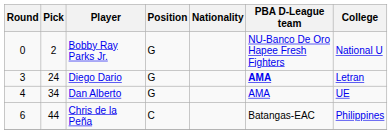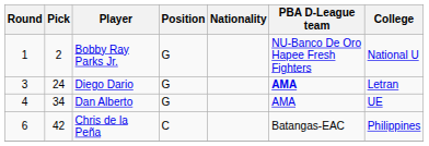 <table class="wikitable sortable sortable">
 <tr>
 <th>Round</th>
 <th>Pick</th>
 <th>Player</th>
 <th>Position</th>
 <th>Nationality</th>
 <th>PBA D-League team</th>
 <th>College</th>
 </tr>
 <tr>
-<td align=center>0</td>
+<td align=center>1</td>
 <td align=center>2</td>
 <td><a href='#'>Bobby Ray Parks Jr.</a></td>
 <td>G</td>
 <td></td>
 <td><a href='#'>NU-Banco De Oro</a><br><a href='#'>Hapee Fresh Fighters</a></td>
 <td><a href='#'>National U</a></td>
 </tr>
 <tr>
 <td align=center>3</td>
 <td align=center>24</td>
 <td><a href='#'>Diego Dario</a></td>
 <td>G</td>
 <td></td>
 <td><strong><a href='#'>AMA</a></strong></td>
 <td><a href='#'>Letran</a></td>
 </tr>
 <tr>
 <td align=center>4</td>
 <td align=center>34</td>
 <td><a href='#'>Dan Alberto</a></td>
 <td>G</td>
 <td></td>
 <td><a href='#'>AMA</a></td>
 <td><a href='#'>UE</a></td>
 </tr>
 <tr>
 <td align=center>6</td>
-<td align=center>44</td>
+<td align=center>42</td>
 <td><a href='#'>Chris de la Peña</a></td>
 <td>C</td>
 <td></td>
 <td>Batangas-EAC</td>
 <td><a href='#'>Philippines</a></td>
 </tr>
 <tr>
 </tr>
 </table>
